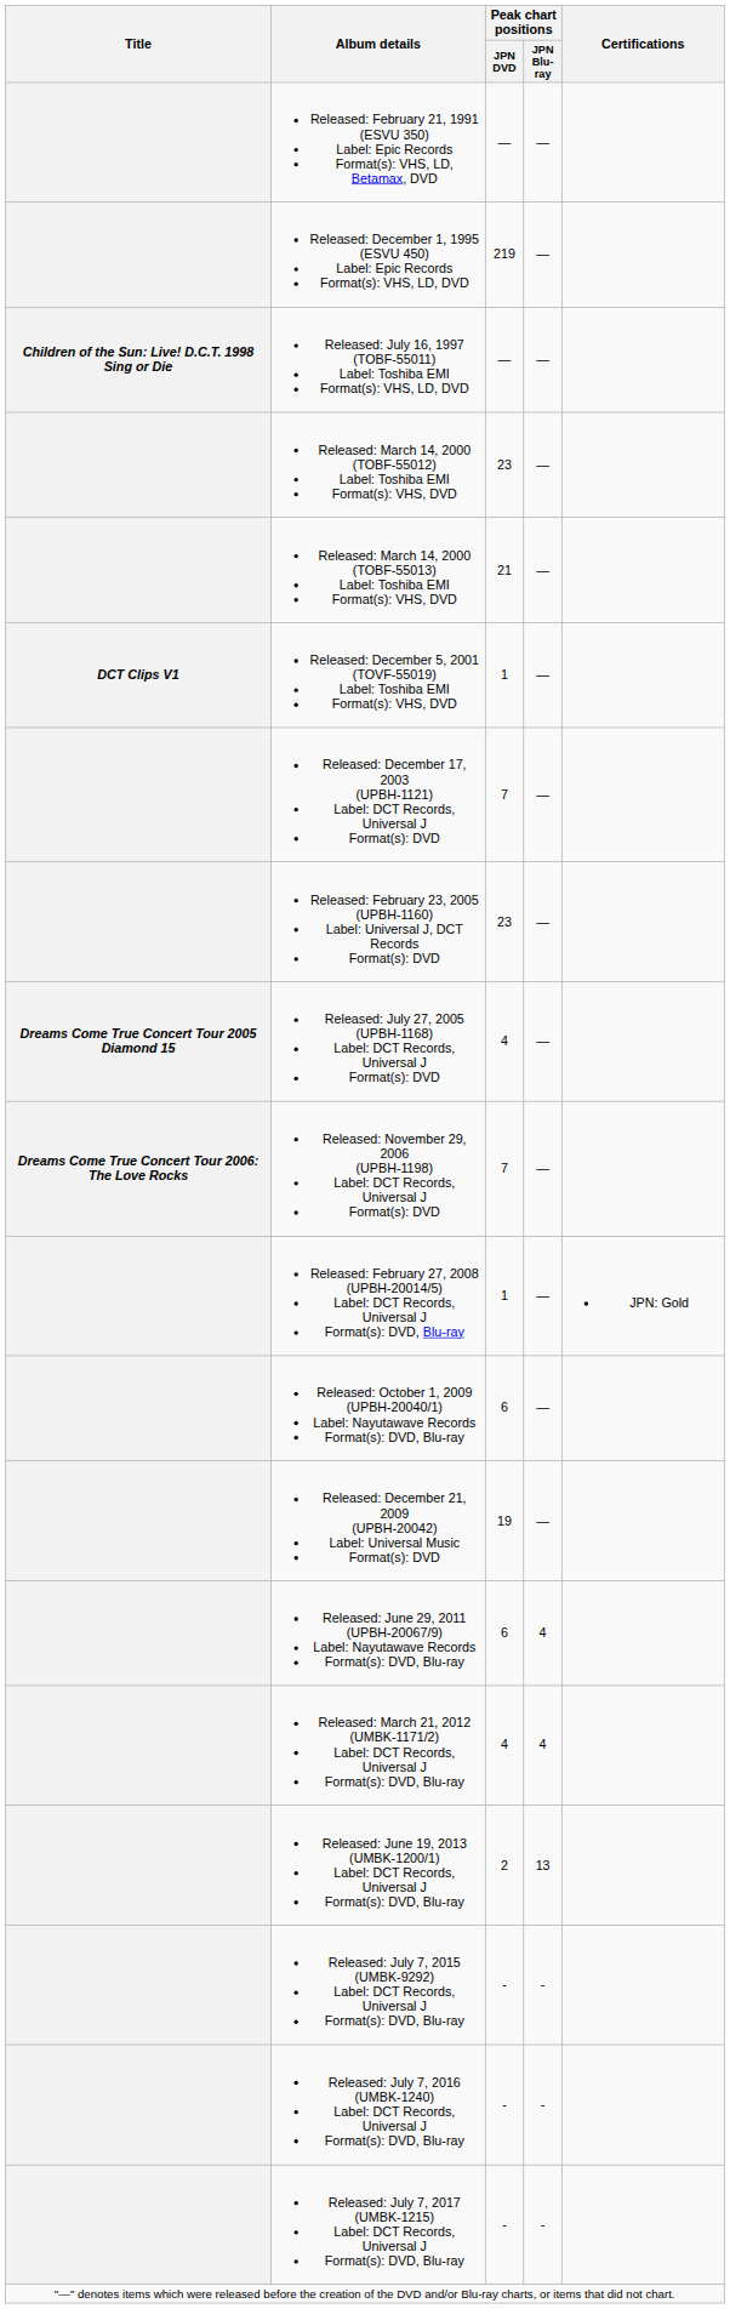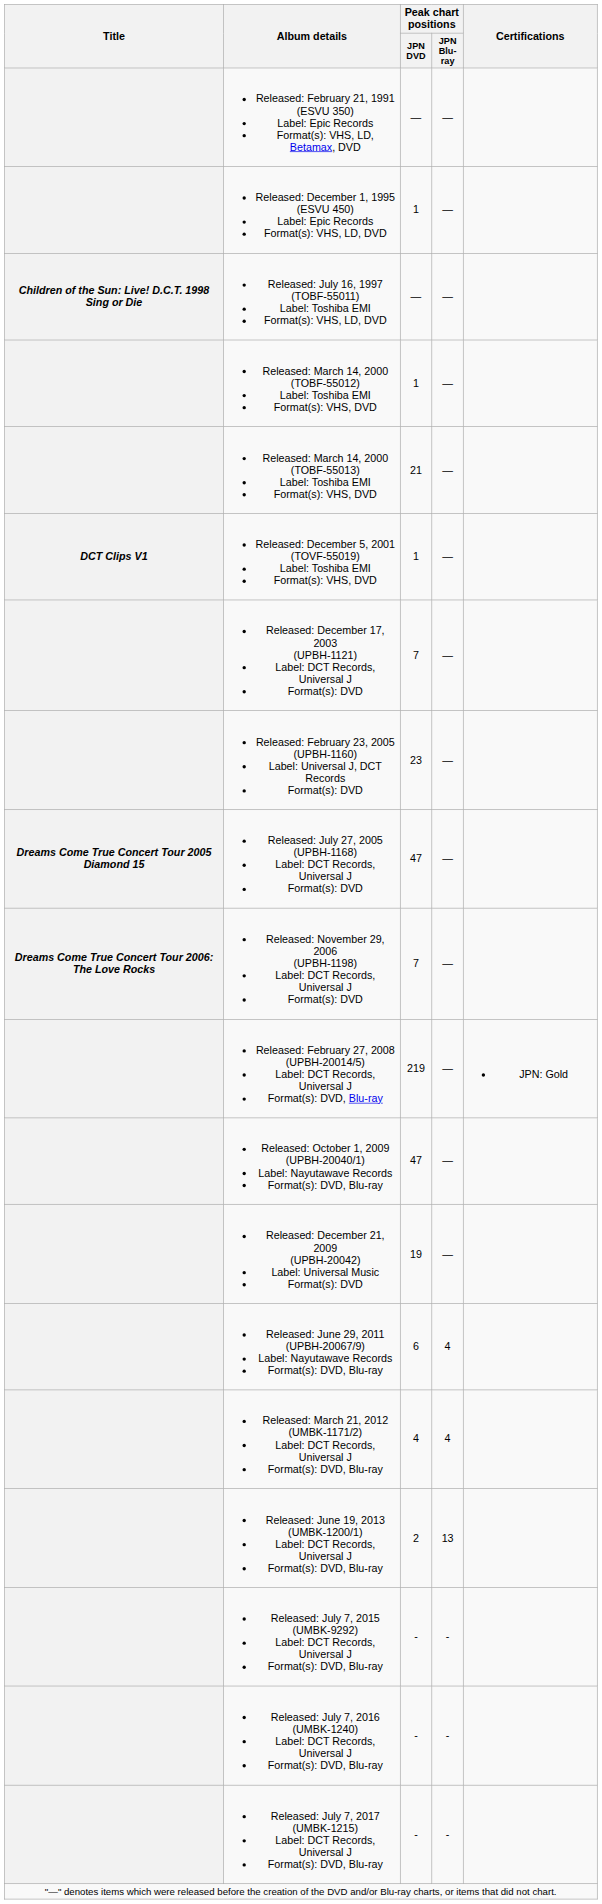 <table class="wikitable plainrowheaders" style="text-align:center;">
 <tr>
 <th style="width:20em;" rowspan="2">Title</th>
 <th style="width:16em;" rowspan="2">Album details</th>
 <th colspan="2">Peak chart positions</th>
 <th style="width:12em;" rowspan="2">Certifications</th>
 </tr>
 <tr>
 <th style="width:3em;font-size:85%;">JPN DVD<br></th>
 <th style="width:3em;font-size:85%;">JPN Blu-ray<br></th>
 </tr>
 <tr>
 <th scope="row"></th>
 <td><br><ul><li>Released: February 21, 1991<br><span>(ESVU 350)</span></li><li>Label: Epic Records</li><li>Format(s): VHS, LD, <a href='#'>Betamax</a>, DVD</li></ul></td>
 <td>—</td>
 <td>—</td>
 <td></td>
 </tr>
 <tr>
 <th scope="row"></th>
 <td><br><ul><li>Released: December 1, 1995<br><span>(ESVU 450)</span></li><li>Label: Epic Records</li><li>Format(s): VHS, LD, DVD</li></ul></td>
-<td>219</td>
+<td>1</td>
 <td>—</td>
 <td></td>
 </tr>
 <tr>
 <th scope="row"><em>Children of the Sun: Live! D.C.T. 1998 Sing or Die</em></th>
 <td><br><ul><li>Released: July 16, 1997<br><span>(TOBF-55011)</span></li><li>Label: Toshiba EMI</li><li>Format(s): VHS, LD, DVD</li></ul></td>
 <td>—</td>
 <td>—</td>
 <td></td>
 </tr>
 <tr>
 <th scope="row"></th>
 <td><br><ul><li>Released: March 14, 2000<br><span>(TOBF-55012)</span></li><li>Label: Toshiba EMI</li><li>Format(s): VHS, DVD</li></ul></td>
-<td>23</td>
+<td>1</td>
 <td>—</td>
 <td></td>
 </tr>
 <tr>
 <th scope="row"></th>
 <td><br><ul><li>Released: March 14, 2000<br><span>(TOBF-55013)</span></li><li>Label: Toshiba EMI</li><li>Format(s): VHS, DVD</li></ul></td>
 <td>21</td>
 <td>—</td>
 <td></td>
 </tr>
 <tr>
 <th scope="row"><em>DCT Clips V1</em></th>
 <td><br><ul><li>Released: December 5, 2001<br><span>(TOVF-55019)</span></li><li>Label: Toshiba EMI</li><li>Format(s): VHS, DVD</li></ul></td>
 <td>1</td>
 <td>—</td>
 <td></td>
 </tr>
 <tr>
 <th scope="row"></th>
 <td><br><ul><li>Released: December 17, 2003<br><span>(UPBH-1121)</span></li><li>Label: DCT Records, Universal J</li><li>Format(s): DVD</li></ul></td>
 <td>7</td>
 <td>—</td>
 <td></td>
 </tr>
 <tr>
 <th scope="row"></th>
 <td><br><ul><li>Released: February 23, 2005<br><span>(UPBH-1160)</span></li><li>Label: Universal J, DCT Records</li><li>Format(s): DVD</li></ul></td>
 <td>23</td>
 <td>—</td>
 <td></td>
 </tr>
 <tr>
 <th scope="row"><em>Dreams Come True Concert Tour 2005 Diamond 15</em></th>
 <td><br><ul><li>Released: July 27, 2005<br><span>(UPBH-1168)</span></li><li>Label: DCT Records, Universal J</li><li>Format(s): DVD</li></ul></td>
-<td>4</td>
+<td>47</td>
 <td>—</td>
 <td></td>
 </tr>
 <tr>
 <th scope="row"><em>Dreams Come True Concert Tour 2006: The Love Rocks</em></th>
 <td><br><ul><li>Released: November 29, 2006<br><span>(UPBH-1198)</span></li><li>Label: DCT Records, Universal J</li><li>Format(s): DVD</li></ul></td>
 <td>7</td>
 <td>—</td>
 <td></td>
 </tr>
 <tr>
 <th scope="row"></th>
 <td><br><ul><li>Released: February 27, 2008<br><span>(UPBH-20014/5)</span></li><li>Label: DCT Records, Universal J</li><li>Format(s): DVD, <a href='#'>Blu-ray</a></li></ul></td>
-<td>1</td>
+<td>219</td>
 <td>—</td>
 <td><br><ul><li>JPN: Gold</li></ul></td>
 </tr>
 <tr>
 <th scope="row"></th>
 <td><br><ul><li>Released: October 1, 2009<br><span>(UPBH-20040/1)</span></li><li>Label: Nayutawave Records</li><li>Format(s): DVD, Blu-ray</li></ul></td>
-<td>6</td>
+<td>47</td>
 <td>—</td>
 <td></td>
 </tr>
 <tr>
 <th scope="row"></th>
 <td><br><ul><li>Released: December 21, 2009<br><span>(UPBH-20042)</span></li><li>Label: Universal Music</li><li>Format(s): DVD</li></ul></td>
 <td>19</td>
 <td>—</td>
 <td></td>
 </tr>
 <tr>
 <th scope="row"></th>
 <td><br><ul><li>Released: June 29, 2011<br><span>(UPBH-20067/9)</span></li><li>Label: Nayutawave Records</li><li>Format(s): DVD, Blu-ray</li></ul></td>
 <td>6</td>
 <td>4</td>
 <td></td>
 </tr>
 <tr>
 <th scope="row"></th>
 <td><br><ul><li>Released: March 21, 2012<br><span>(UMBK-1171/2)</span></li><li>Label: DCT Records, Universal J</li><li>Format(s): DVD, Blu-ray</li></ul></td>
 <td>4</td>
 <td>4</td>
 <td></td>
 </tr>
 <tr>
 <th scope="row"></th>
 <td><br><ul><li>Released: June 19, 2013<br><span>(UMBK-1200/1)</span></li><li>Label: DCT Records, Universal J</li><li>Format(s): DVD, Blu-ray</li></ul></td>
 <td>2</td>
 <td>13</td>
 <td></td>
 </tr>
 <tr>
 <th scope="row"></th>
 <td><br><ul><li>Released: July 7, 2015<br><span>(UMBK-9292)</span></li><li>Label: DCT Records, Universal J</li><li>Format(s): DVD, Blu-ray</li></ul></td>
 <td>-</td>
 <td>-</td>
 <td></td>
 </tr>
 <tr>
 <th scope="row"></th>
 <td><br><ul><li>Released: July 7, 2016<br><span>(UMBK-1240)</span></li><li>Label: DCT Records, Universal J</li><li>Format(s): DVD, Blu-ray</li></ul></td>
 <td>-</td>
 <td>-</td>
 <td></td>
 </tr>
 <tr>
 <th scope="row"></th>
 <td><br><ul><li>Released: July 7, 2017<br><span>(UMBK-1215)</span></li><li>Label: DCT Records, Universal J</li><li>Format(s): DVD, Blu-ray</li></ul></td>
 <td>-</td>
 <td>-</td>
 <td></td>
 </tr>
 <tr>
 <td colspan="6" align="center" style="font-size:90%;">"—" denotes items which were released before the creation of the DVD and/or Blu-ray charts, or items that did not chart.</td>
 </tr>
 </table>
